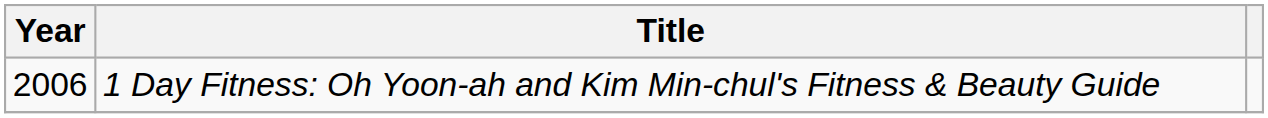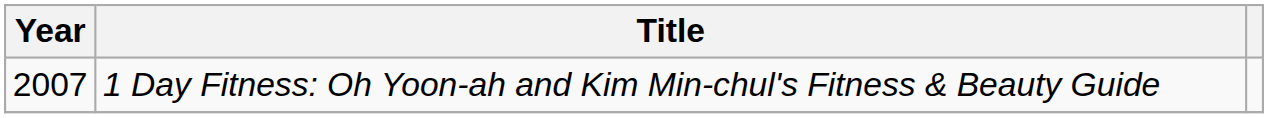 <table class="wikitable" style="width:600px">
 <tr>
 <th width=10>Year</th>
 <th>Title</th>
 <th></th>
 </tr>
 <tr>
-<td>2006</td>
+<td>2007</td>
 <td><em>1 Day Fitness: Oh Yoon-ah and Kim Min-chul's Fitness & Beauty Guide</em></td>
 <td></td>
 </tr>
 <tr>
 </tr>
 </table>
